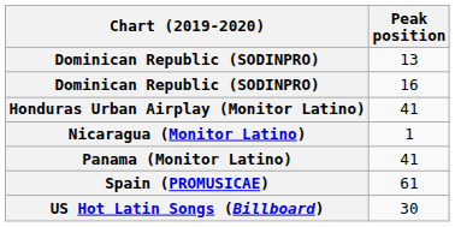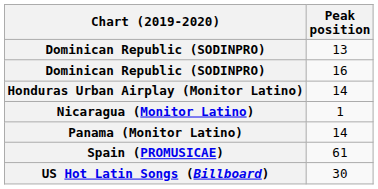 <table class="wikitable sortable plainrowheaders" style="text-align:center">
 <tr>
 <th scope="col">Chart (2019-2020)</th>
 <th scope="col">Peak<br>position</th>
 </tr>
 <tr>
 <th scope="row">Dominican Republic (SODINPRO)</th>
 <td>13</td>
 </tr>
 <tr>
 <th scope="row">Dominican Republic (SODINPRO)<br></th>
 <td>16</td>
 </tr>
 <tr>
 <th scope="row">Honduras Urban Airplay (Monitor Latino)</th>
-<td>41</td>
+<td>14</td>
 </tr>
 <tr>
 <th scope="row">Nicaragua (<a href='#'>Monitor Latino</a>)</th>
 <td>1</td>
 </tr>
 <tr>
 <th scope="row">Panama (Monitor Latino)</th>
-<td>41</td>
+<td>14</td>
 </tr>
 <tr>
 <th scope="row">Spain (<a href='#'>PROMUSICAE</a>)<br></th>
 <td>61</td>
 </tr>
 <tr>
 <th scope="row">US <a href='#'>Hot Latin Songs</a> (<em><a href='#'>Billboard</a></em>)</th>
 <td>30</td>
 </tr>
 </table>
